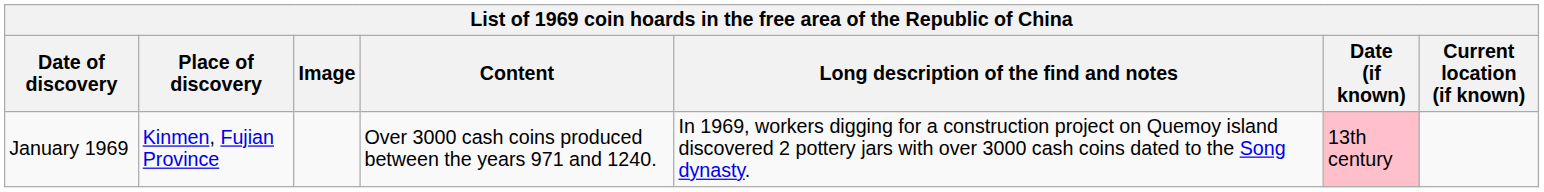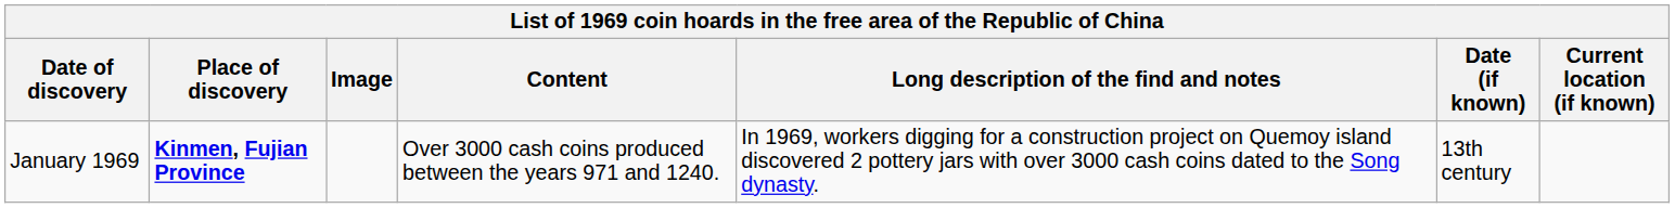 <table class="wikitable" style="font-size: 100%">
 <tr>
 <th colspan=7>List of 1969 coin hoards in the free area of the Republic of China</th>
 </tr>
 <tr>
 <th>Date of discovery</th>
 <th>Place of discovery</th>
 <th>Image</th>
 <th>Content</th>
 <th>Long description of the find and notes</th>
 <th>Date<br>(if known)</th>
 <th>Current location<br>(if known)</th>
 </tr>
 <tr>
 <td>January 1969</td>
-<td><a href='#'>Kinmen</a>, <a href='#'>Fujian Province</a></td>
+<td><strong><a href='#'>Kinmen</a>, <a href='#'>Fujian Province</a></strong></td>
 <td></td>
 <td>Over 3000 cash coins produced between the years 971 and 1240.</td>
 <td>In 1969, workers digging for a construction project on Quemoy island discovered 2 pottery jars with over 3000 cash coins dated to the <a href='#'>Song dynasty</a>.</td>
-<td style="background: pink;">13th century</td>
+<td>13th century</td>
 <td></td>
 </tr>
 </table>
